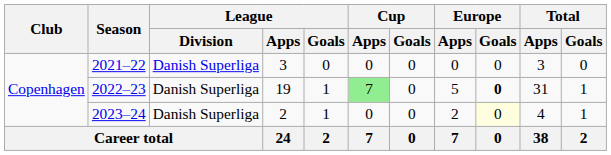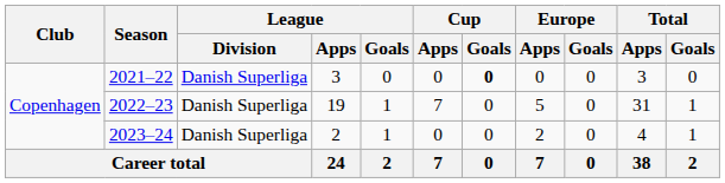 <table class="wikitable" style="text-align:center">
 <tr>
 <th rowspan="2">Club</th>
 <th rowspan="2">Season</th>
 <th colspan="3">League</th>
 <th colspan="2">Cup</th>
 <th colspan="2">Europe</th>
 <th colspan="2">Total</th>
 </tr>
 <tr>
 <th>Division</th>
 <th>Apps</th>
 <th>Goals</th>
 <th>Apps</th>
 <th>Goals</th>
 <th>Apps</th>
 <th>Goals</th>
 <th>Apps</th>
 <th>Goals</th>
 </tr>
 <tr>
 <td rowspan="3"><a href='#'>Copenhagen</a></td>
 <td><a href='#'>2021–22</a></td>
 <td><a href='#'>Danish Superliga</a></td>
 <td>3</td>
 <td>0</td>
 <td>0</td>
-<td>0</td>
+<td><strong>0</strong></td>
 <td>0</td>
 <td>0</td>
 <td>3</td>
 <td>0</td>
 </tr>
 <tr>
 <td><a href='#'>2022–23</a></td>
 <td>Danish Superliga</td>
 <td>19</td>
 <td>1</td>
-<td style="background: lightgreen;">7</td>
+<td>7</td>
 <td>0</td>
 <td>5</td>
-<td><strong>0</strong></td>
+<td>0</td>
 <td>31</td>
 <td>1</td>
 </tr>
 <tr>
 <td><a href='#'>2023–24</a></td>
 <td>Danish Superliga</td>
 <td>2</td>
 <td>1</td>
 <td>0</td>
 <td>0</td>
 <td>2</td>
-<td style="background: lightyellow;">0</td>
+<td>0</td>
 <td>4</td>
 <td>1</td>
 </tr>
 <tr>
 <th colspan="3">Career total</th>
 <th>24</th>
 <th>2</th>
 <th>7</th>
 <th>0</th>
 <th>7</th>
 <th>0</th>
 <th>38</th>
 <th>2</th>
 </tr>
 </table>
